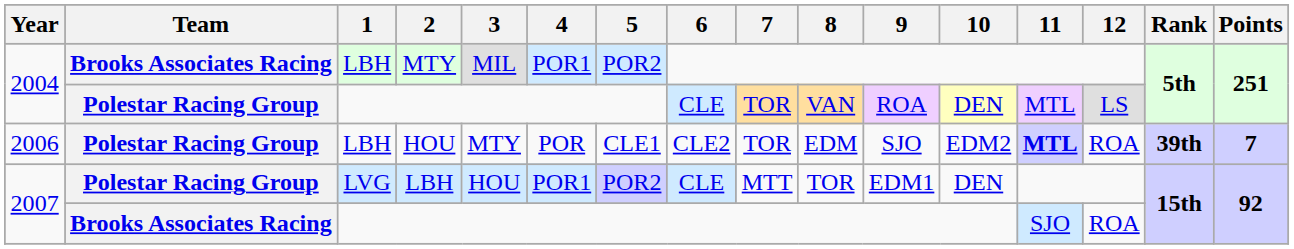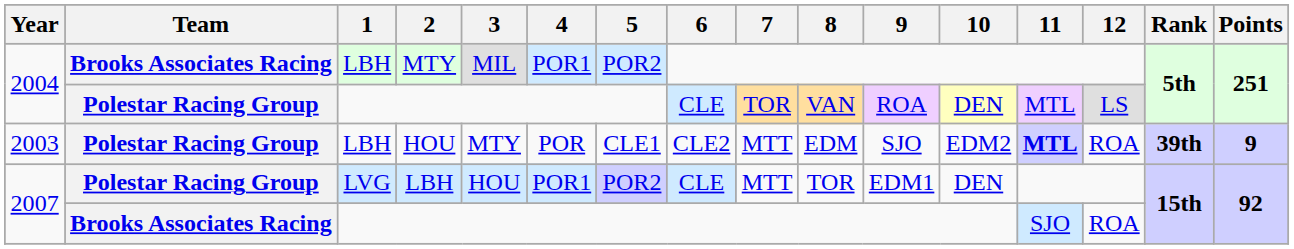 <table class="wikitable" style="text-align:center; font-size:85%">
 <tr>
 <th>Year</th>
 <th>Team</th>
 <th>1</th>
 <th>2</th>
 <th>3</th>
 <th>4</th>
 <th>5</th>
 <th>6</th>
 <th>7</th>
 <th>8</th>
 <th>9</th>
 <th>10</th>
 <th>11</th>
 <th>12</th>
 <th>Rank</th>
 <th>Points</th>
 </tr>
 <tr>
 <td rowspan=2><a href='#'>2004</a></td>
 <th nowrap><a href='#'>Brooks Associates Racing</a></th>
 <td style="background:#DFFFDF;"><a href='#'>LBH</a><br></td>
 <td style="background:#DFFFDF;"><a href='#'>MTY</a><br></td>
 <td style="background:#DFDFDF;"><a href='#'>MIL</a><br></td>
 <td style="background:#CFEAFF;"><a href='#'>POR1</a><br></td>
 <td style="background:#CFEAFF;"><a href='#'>POR2</a><br></td>
 <td colspan=7></td>
 <td rowspan=2 style="background:#DFFFDF;"><strong>5th</strong></td>
 <td rowspan=2 style="background:#DFFFDF;"><strong>251</strong></td>
 </tr>
 <tr>
 <th nowrap><a href='#'>Polestar Racing Group</a></th>
 <td colspan=5></td>
 <td style="background:#CFEAFF;"><a href='#'>CLE</a><br></td>
 <td style="background:#FFDF9F;"><a href='#'>TOR</a><br></td>
 <td style="background:#FFDF9F;"><a href='#'>VAN</a><br></td>
 <td style="background:#EFCFFF;"><a href='#'>ROA</a><br></td>
 <td style="background:#FFFFBF;"><a href='#'>DEN</a><br></td>
 <td style="background:#EFCFFF;"><a href='#'>MTL</a><br></td>
 <td style="background:#DFDFDF;"><a href='#'>LS</a><br></td>
 </tr>
 <tr>
-<td><a href='#'>2006</a></td>
+<td><a href='#'>2003</a></td>
 <th nowrap><a href='#'>Polestar Racing Group</a></th>
 <td><a href='#'>LBH</a></td>
 <td><a href='#'>HOU</a></td>
 <td><a href='#'>MTY</a></td>
 <td><a href='#'>POR</a></td>
 <td><a href='#'>CLE1</a></td>
 <td><a href='#'>CLE2</a></td>
-<td><a href='#'>TOR</a></td>
+<td><a href='#'>MTT</a></td>
 <td><a href='#'>EDM</a></td>
 <td><a href='#'>SJO</a></td>
 <td><a href='#'>EDM2</a></td>
 <td style="background:#CFCFFF;"><strong><a href='#'>MTL</a><br></strong></td>
 <td><a href='#'>ROA</a></td>
 <td style="background:#CFCFFF;"><strong>39th</strong></td>
-<td style="background:#CFCFFF;"><strong>7</strong></td>
+<td style="background:#CFCFFF;"><strong>9</strong></td>
 </tr>
 <tr>
 <td rowspan=2><a href='#'>2007</a></td>
 <th nowrap><a href='#'>Polestar Racing Group</a></th>
 <td style="background:#CFEAFF;"><a href='#'>LVG</a><br></td>
 <td style="background:#CFEAFF;"><a href='#'>LBH</a><br></td>
 <td style="background:#CFEAFF;"><a href='#'>HOU</a><br></td>
 <td style="background:#CFEAFF;"><a href='#'>POR1</a><br></td>
 <td style="background:#CFCFFF;"><a href='#'>POR2</a><br></td>
 <td style="background:#CFEAFF;"><a href='#'>CLE</a><br></td>
 <td><a href='#'>MTT</a></td>
 <td><a href='#'>TOR</a></td>
 <td><a href='#'>EDM1</a></td>
 <td><a href='#'>DEN</a></td>
 <td colspan=2></td>
 <td rowspan=2 style="background:#CFCFFF;"><strong>15th</strong></td>
 <td rowspan=2 style="background:#CFCFFF;"><strong>92</strong></td>
 </tr>
 <tr>
 <th nowrap><a href='#'>Brooks Associates Racing</a></th>
 <td colspan=10></td>
 <td style="background:#CFEAFF;"><a href='#'>SJO</a><br></td>
 <td><a href='#'>ROA</a></td>
 </tr>
 </table>
